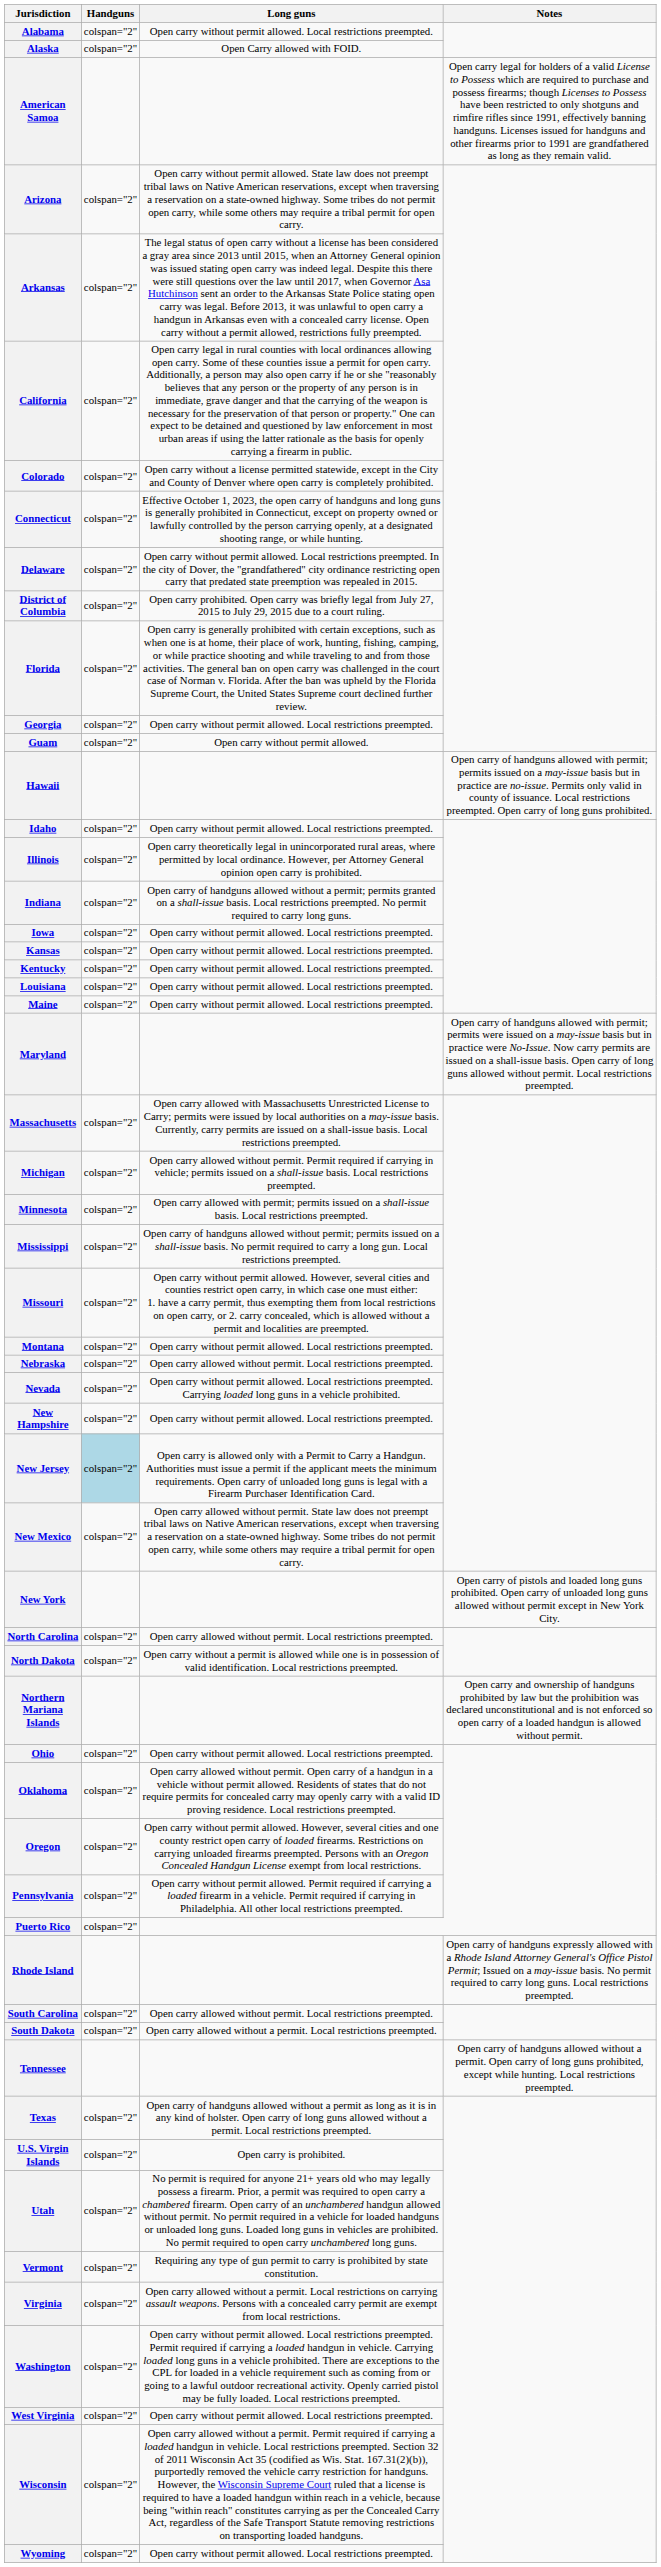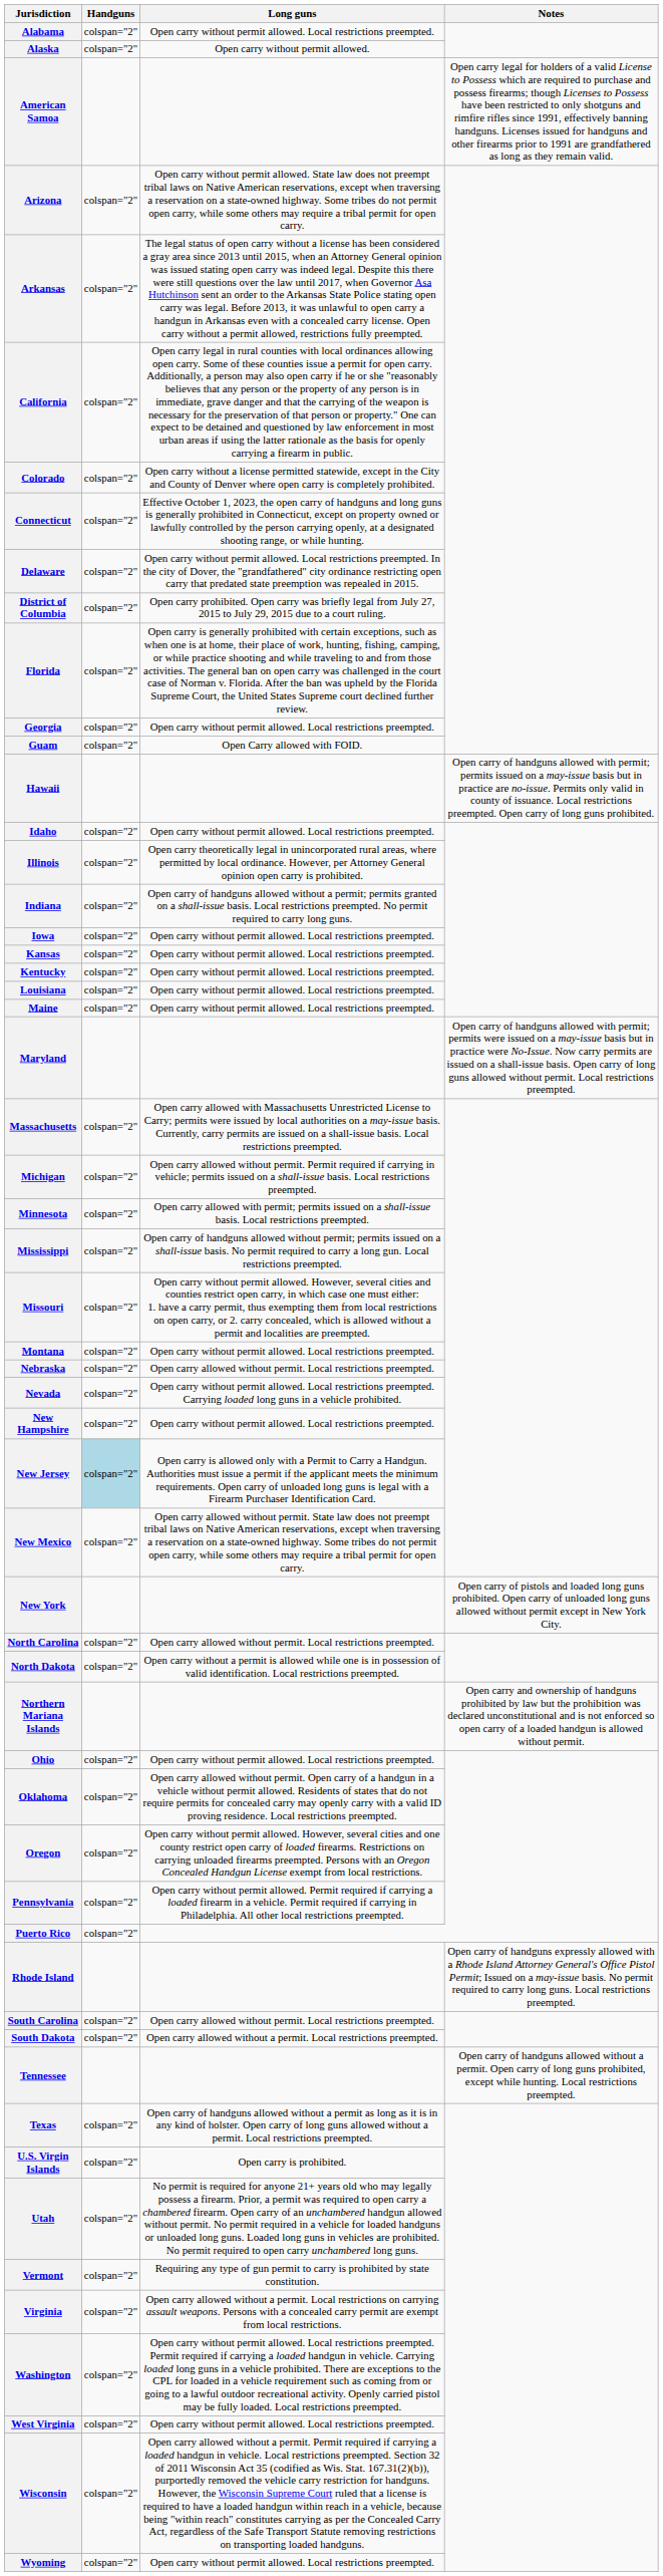 <table class="wikitable mw-collapsible innercollapse plainrowheaders sortable" style="text-align:center;font-size:90%;">
 <tr>
 <th scope="col">Jurisdiction</th>
 <th scope="col">Handguns</th>
 <th scope="col">Long guns</th>
 <th scope="col" class="unsortable">Notes</th>
 </tr>
 <tr>
 <th scope="row"><a href='#'>Alabama</a></th>
 <td>colspan="2" </td>
 <td>Open carry without permit allowed. Local restrictions preempted.</td>
 </tr>
 <tr>
 <th scope="row"><a href='#'>Alaska</a></th>
 <td>colspan="2" </td>
-<td>Open Carry allowed with FOID.</td>
+<td>Open carry without permit allowed.</td>
 </tr>
 <tr>
 <th scope="row"><a href='#'>American Samoa</a></th>
 <td></td>
 <td></td>
 <td>Open carry legal for holders of a valid <em>License to Possess</em> which are required to purchase and possess firearms; though <em>Licenses to Possess</em> have been restricted to only shotguns and rimfire rifles since 1991, effectively banning handguns. Licenses issued for handguns and other firearms prior to 1991 are grandfathered as long as they remain valid.</td>
 </tr>
 <tr>
 <th scope="row"><a href='#'>Arizona</a></th>
 <td>colspan="2" </td>
 <td>Open carry without permit allowed. State law does not preempt tribal laws on Native American reservations, except when traversing a reservation on a state-owned highway. Some tribes do not permit open carry, while some others may require a tribal permit for open carry.</td>
 </tr>
 <tr>
 <th scope="row"><a href='#'>Arkansas</a></th>
 <td>colspan="2" </td>
 <td>The legal status of open carry without a license has been considered a gray area since 2013 until 2015, when an Attorney General opinion was issued stating open carry was indeed legal. Despite this there were still questions over the law until 2017, when Governor <a href='#'>Asa Hutchinson</a> sent an order to the Arkansas State Police stating open carry was legal. Before 2013, it was unlawful to open carry a handgun in Arkansas even with a concealed carry license. Open carry without a permit allowed, restrictions fully preempted.</td>
 </tr>
 <tr>
 <th scope="row"><a href='#'>California</a></th>
 <td>colspan="2" </td>
 <td>Open carry legal in rural counties with local ordinances allowing open carry. Some of these counties issue a permit for open carry. Additionally, a person may also open carry if he or she "reasonably believes that any person or the property of any person is in immediate, grave danger and that the carrying of the weapon is necessary for the preservation of that person or property." One can expect to be detained and questioned by law enforcement in most urban areas if using the latter rationale as the basis for openly carrying a firearm in public.</td>
 </tr>
 <tr>
 <th scope="row"><a href='#'>Colorado</a></th>
 <td>colspan="2" </td>
 <td>Open carry without a license permitted statewide, except in the City and County of Denver where open carry is completely prohibited.</td>
 </tr>
 <tr>
 <th scope="row"><a href='#'>Connecticut</a></th>
 <td>colspan="2"</td>
 <td>Effective October 1, 2023, the open carry of handguns and long guns is generally prohibited in Connecticut, except on property owned or lawfully controlled by the person carrying openly, at a designated shooting range, or while hunting.</td>
 </tr>
 <tr>
 <th scope="row"><a href='#'>Delaware</a></th>
 <td>colspan="2" </td>
 <td>Open carry without permit allowed. Local restrictions preempted. In the city of Dover, the "grandfathered" city ordinance restricting open carry that predated state preemption was repealed in 2015.</td>
 </tr>
 <tr>
 <th scope="row"><a href='#'>District of Columbia</a></th>
 <td>colspan="2" </td>
 <td>Open carry prohibited. Open carry was briefly legal from July 27, 2015 to July 29, 2015 due to a court ruling.</td>
 </tr>
 <tr>
 <th scope="row"><a href='#'>Florida</a></th>
 <td>colspan="2" </td>
 <td>Open carry is generally prohibited with certain exceptions, such as when one is at home, their place of work, hunting, fishing, camping, or while practice shooting and while traveling to and from those activities. The general ban on open carry was challenged in the court case of Norman v. Florida. After the ban was upheld by the Florida Supreme Court, the United States Supreme court declined further review.</td>
 </tr>
 <tr>
 <th scope="row"><a href='#'>Georgia</a></th>
 <td>colspan="2" </td>
 <td>Open carry without permit allowed. Local restrictions preempted.</td>
 </tr>
 <tr>
 <th scope="row"><a href='#'>Guam</a></th>
 <td>colspan="2" </td>
-<td>Open carry without permit allowed.</td>
+<td>Open Carry allowed with FOID.</td>
 </tr>
 <tr>
 <th scope="row"><a href='#'>Hawaii</a></th>
 <td></td>
 <td></td>
 <td>Open carry of handguns allowed with permit; permits issued on a <em>may-issue</em> basis but in practice are <em>no-issue</em>. Permits only valid in county of issuance. Local restrictions preempted. Open carry of long guns prohibited.</td>
 </tr>
 <tr>
 <th scope="row"><a href='#'>Idaho</a></th>
 <td>colspan="2" </td>
 <td>Open carry without permit allowed. Local restrictions preempted.</td>
 </tr>
 <tr>
 <th scope="row"><a href='#'>Illinois</a></th>
 <td>colspan="2" </td>
 <td>Open carry theoretically legal in unincorporated rural areas, where permitted by local ordinance. However, per Attorney General opinion open carry is prohibited.</td>
 </tr>
 <tr>
 <th scope="row"><a href='#'>Indiana</a></th>
 <td>colspan="2" </td>
 <td>Open carry of handguns allowed without a permit; permits granted on a <em>shall-issue</em> basis. Local restrictions preempted. No permit required to carry long guns.</td>
 </tr>
 <tr>
 <th scope="row"><a href='#'>Iowa</a></th>
 <td>colspan="2" </td>
 <td>Open carry without permit allowed. Local restrictions preempted.</td>
 </tr>
 <tr>
 <th scope="row"><a href='#'>Kansas</a></th>
 <td>colspan="2" </td>
 <td>Open carry without permit allowed. Local restrictions preempted.</td>
 </tr>
 <tr>
 <th scope="row"><a href='#'>Kentucky</a></th>
 <td>colspan="2" </td>
 <td>Open carry without permit allowed. Local restrictions preempted.</td>
 </tr>
 <tr>
 <th scope="row"><a href='#'>Louisiana</a></th>
 <td>colspan="2" </td>
 <td>Open carry without permit allowed. Local restrictions preempted.</td>
 </tr>
 <tr>
 <th scope="row"><a href='#'>Maine</a></th>
 <td>colspan="2" </td>
 <td>Open carry without permit allowed. Local restrictions preempted.</td>
 </tr>
 <tr>
 <th scope="row"><a href='#'>Maryland</a></th>
 <td></td>
 <td></td>
 <td>Open carry of handguns allowed with permit; permits were issued on a <em>may-issue</em> basis but in practice were <em>No-Issue</em>. Now carry permits are issued on a shall-issue basis. Open carry of long guns allowed without permit. Local restrictions preempted.</td>
 </tr>
 <tr>
 <th scope="row"><a href='#'>Massachusetts</a></th>
 <td>colspan="2" </td>
 <td>Open carry allowed with Massachusetts Unrestricted License to Carry; permits were issued by local authorities on a <em>may-issue</em> basis. Currently, carry permits are issued on a shall-issue basis. Local restrictions preempted.</td>
 </tr>
 <tr>
 <th scope="row"><a href='#'>Michigan</a></th>
 <td>colspan="2" </td>
 <td>Open carry allowed without permit. Permit required if carrying in vehicle; permits issued on a <em>shall-issue</em> basis. Local restrictions preempted.<br></td>
 </tr>
 <tr>
 <th scope="row"><a href='#'>Minnesota</a></th>
 <td>colspan="2" </td>
 <td>Open carry allowed with permit; permits issued on a <em>shall-issue</em> basis. Local restrictions preempted.</td>
 </tr>
 <tr>
 <th scope="row"><a href='#'>Mississippi</a></th>
 <td>colspan="2" </td>
 <td>Open carry of handguns allowed without permit; permits issued on a <em>shall-issue</em> basis. No permit required to carry a long gun. Local restrictions preempted.</td>
 </tr>
 <tr>
 <th scope="row"><a href='#'>Missouri</a></th>
 <td>colspan="2" </td>
 <td>Open carry without permit allowed. However, several cities and counties restrict open carry, in which case one must either:<br>1. have a carry permit, thus exempting them from local restrictions on open carry, or 2. carry concealed, which is allowed without a permit and localities are preempted.</td>
 </tr>
 <tr>
 <th scope="row"><a href='#'>Montana</a></th>
 <td>colspan="2" </td>
 <td>Open carry without permit allowed. Local restrictions preempted.</td>
 </tr>
 <tr>
 <th scope="row"><a href='#'>Nebraska</a></th>
 <td>colspan="2" </td>
 <td>Open carry allowed without permit. Local restrictions preempted.</td>
 </tr>
 <tr>
 <th scope="row"><a href='#'>Nevada</a></th>
 <td>colspan="2" </td>
 <td>Open carry without permit allowed. Local restrictions preempted. Carrying <em>loaded</em> long guns in a vehicle prohibited.</td>
 </tr>
 <tr>
 <th scope="row"><a href='#'>New Hampshire</a></th>
 <td>colspan="2" </td>
 <td>Open carry without permit allowed. Local restrictions preempted.</td>
 </tr>
 <tr>
 <th scope="row"><a href='#'>New Jersey</a></th>
 <td style="background: lightblue;">colspan="2" </td>
 <td><br>Open carry is allowed only with a Permit to Carry a Handgun. Authorities must issue a permit if the applicant meets the minimum requirements. Open carry of unloaded long guns is legal with a Firearm Purchaser Identification Card.</td>
 </tr>
 <tr>
 <th scope="row"><a href='#'>New Mexico</a></th>
 <td>colspan="2" </td>
 <td>Open carry allowed without permit. State law does not preempt tribal laws on Native American reservations, except when traversing a reservation on a state-owned highway. Some tribes do not permit open carry, while some others may require a tribal permit for open carry.</td>
 </tr>
 <tr>
 <th scope="row"><a href='#'>New York</a></th>
 <td></td>
 <td></td>
 <td>Open carry of pistols and loaded long guns prohibited. Open carry of unloaded long guns allowed without permit except in New York City.</td>
 </tr>
 <tr>
 <th scope="row"><a href='#'>North Carolina</a></th>
 <td>colspan="2" </td>
 <td>Open carry allowed without permit. Local restrictions preempted.</td>
 </tr>
 <tr>
 <th scope="row"><a href='#'>North Dakota</a></th>
 <td>colspan="2" </td>
 <td>Open carry without a permit is allowed while one is in possession of valid identification. Local restrictions preempted.</td>
 </tr>
 <tr>
 <th scope="row"><a href='#'>Northern Mariana Islands</a></th>
 <td></td>
 <td></td>
 <td>Open carry and ownership of handguns prohibited by law but the prohibition was declared unconstitutional and is not enforced so open carry of a loaded handgun is allowed without permit.</td>
 </tr>
 <tr>
 <th scope="row"><a href='#'>Ohio</a></th>
 <td>colspan="2" </td>
 <td>Open carry without permit allowed. Local restrictions preempted.</td>
 </tr>
 <tr>
 <th scope="row"><a href='#'>Oklahoma</a></th>
 <td>colspan="2" </td>
 <td>Open carry allowed without permit. Open carry of a handgun in a vehicle without permit allowed. Residents of states that do not require permits for concealed carry may openly carry with a valid ID proving residence. Local restrictions preempted.</td>
 </tr>
 <tr>
 <th scope="row"><a href='#'>Oregon</a></th>
 <td>colspan="2" </td>
 <td>Open carry without permit allowed. However, several cities and one county restrict open carry of <em>loaded</em> firearms. Restrictions on carrying unloaded firearms preempted. Persons with an <em>Oregon Concealed Handgun License</em> exempt from local restrictions.</td>
 </tr>
 <tr>
 <th scope="row"><a href='#'>Pennsylvania</a></th>
 <td>colspan="2" </td>
 <td>Open carry without permit allowed. Permit required if carrying a <em>loaded</em> firearm in a vehicle. Permit required if carrying in Philadelphia. All other local restrictions preempted. </td>
 </tr>
 <tr>
 <th scope="row"><a href='#'>Puerto Rico</a></th>
 <td>colspan="2" </td>
 </tr>
 <tr>
 <th scope="row"><a href='#'>Rhode Island</a></th>
 <td></td>
 <td></td>
 <td>Open carry of handguns expressly allowed with a <em>Rhode Island Attorney General's Office Pistol Permit</em>; Issued on a <em>may-issue</em> basis. No permit required to carry long guns. Local restrictions preempted.</td>
 </tr>
 <tr>
 <th scope="row"><a href='#'>South Carolina</a></th>
 <td>colspan="2" </td>
 <td>Open carry allowed without permit. Local restrictions preempted.</td>
 </tr>
 <tr>
 <th scope="row"><a href='#'>South Dakota</a></th>
 <td>colspan="2" </td>
 <td>Open carry allowed without a permit. Local restrictions preempted.</td>
 </tr>
 <tr>
 <th scope="row"><a href='#'>Tennessee</a></th>
 <td></td>
 <td></td>
 <td>Open carry of handguns allowed without a permit. Open carry of long guns prohibited, except while hunting. Local restrictions preempted.</td>
 </tr>
 <tr>
 <th scope="row"><a href='#'>Texas</a></th>
 <td>colspan="2" </td>
 <td>Open carry of handguns allowed without a permit as long as it is in any kind of holster. Open carry of long guns allowed without a permit. Local restrictions preempted.</td>
 </tr>
 <tr>
 <th scope="row"><a href='#'>U.S. Virgin Islands</a></th>
 <td>colspan="2" </td>
 <td>Open carry is prohibited.</td>
 </tr>
 <tr>
 <th scope="row"><a href='#'>Utah</a></th>
 <td>colspan="2" </td>
 <td>No permit is required for anyone 21+ years old who may legally possess a firearm. Prior, a permit was required to open carry a <em>chambered</em> firearm. Open carry of an <em>unchambered</em> handgun allowed without permit. No permit required in a vehicle for loaded handguns or unloaded long guns. Loaded long guns in vehicles are prohibited. No permit required to open carry <em>unchambered</em> long guns.</td>
 </tr>
 <tr>
 <th scope="row"><a href='#'>Vermont</a></th>
 <td>colspan="2" </td>
 <td>Requiring any type of gun permit to carry is prohibited by state constitution.</td>
 </tr>
 <tr>
 <th scope="row"><a href='#'>Virginia</a></th>
 <td>colspan="2" </td>
 <td>Open carry allowed without a permit. Local restrictions on carrying <em>assault weapons</em>. Persons with a concealed carry permit are exempt from local restrictions. </td>
 </tr>
 <tr>
 <th scope="row"><a href='#'>Washington</a></th>
 <td>colspan="2" </td>
 <td>Open carry without permit allowed. Local restrictions preempted. Permit required if carrying a <em>loaded</em> handgun in vehicle. Carrying <em>loaded</em> long guns in a vehicle prohibited. There are exceptions to the CPL for loaded in a vehicle requirement such as coming from or going to a lawful outdoor recreational activity. Openly carried pistol may be fully loaded. Local restrictions preempted.</td>
 </tr>
 <tr>
 <th scope="row"><a href='#'>West Virginia</a></th>
 <td>colspan="2" </td>
 <td>Open carry without permit allowed. Local restrictions preempted.</td>
 </tr>
 <tr>
 <th scope="row"><a href='#'>Wisconsin</a></th>
 <td>colspan="2" </td>
 <td>Open carry allowed without a permit. Permit required if carrying a <em>loaded</em> handgun in vehicle. Local restrictions preempted. Section 32 of 2011 Wisconsin Act 35 (codified as Wis. Stat. 167.31(2)(b)), purportedly removed the vehicle carry restriction for handguns. However, the <a href='#'>Wisconsin Supreme Court</a> ruled that a license is required to have a loaded handgun within reach in a vehicle, because being "within reach" constitutes carrying as per the Concealed Carry Act, regardless of the Safe Transport Statute removing restrictions on transporting loaded handguns.</td>
 </tr>
 <tr>
 <th scope="row"><a href='#'>Wyoming</a></th>
 <td>colspan="2" </td>
 <td>Open carry without permit allowed. Local restrictions preempted.</td>
 </tr>
 </table>
